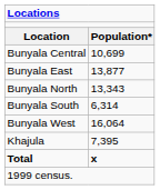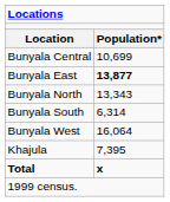 <table class="wikitable">
 <tr>
 <td colspan="2"><strong><a href='#'>Locations</a></strong></td>
 </tr>
 <tr>
 <td colspan="2"></td>
 </tr>
 <tr>
 <th>Location</th>
 <th>Population*</th>
 </tr>
 <tr>
 <td>Bunyala Central</td>
 <td>10,699</td>
 </tr>
 <tr>
 <td>Bunyala East</td>
-<td>13,877</td>
+<td><strong>13,877</strong></td>
 </tr>
 <tr>
 <td>Bunyala North</td>
 <td>13,343</td>
 </tr>
 <tr>
 <td>Bunyala South</td>
 <td>6,314</td>
 </tr>
 <tr>
 <td>Bunyala West</td>
 <td>16,064</td>
 </tr>
 <tr>
 <td>Khajula</td>
 <td>7,395</td>
 </tr>
 <tr>
 <td><strong>Total</strong></td>
 <td><strong>x</strong></td>
 </tr>
 <tr>
 <td colspan="2">1999 census.</td>
 </tr>
 </table>
